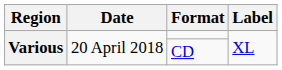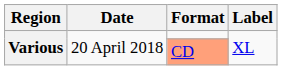 <table class="wikitable plainrowheaders">
 <tr>
 <th>Region</th>
 <th>Date</th>
 <th>Format</th>
 <th>Label</th>
 </tr>
 <tr>
 <th scope="row" rowspan="2">Various</th>
 <td rowspan="2">20 April 2018</td>
 <td></td>
 <td rowspan="2"><a href='#'>XL</a></td>
 </tr>
 <tr>
-<td><a href='#'>CD</a></td>
+<td style="background: lightsalmon;"><a href='#'>CD</a></td>
 </tr>
 </table>
